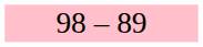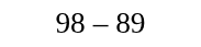 <table style="text-align:center;">
 <tr>
 <th width=200></th>
 <th width=100></th>
 <th width=200></th>
 <th></th>
 </tr>
 <tr>
 <td align=right><strong></strong></td>
-<td style="background: pink;">98 – 89</td>
+<td>98 – 89</td>
 <td align=left></td>
 </tr>
 </table>
